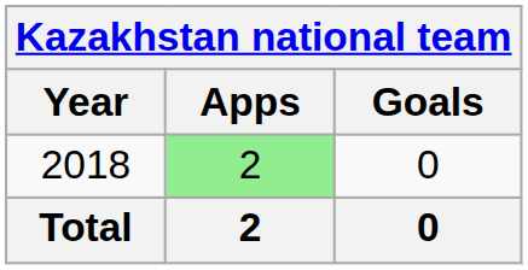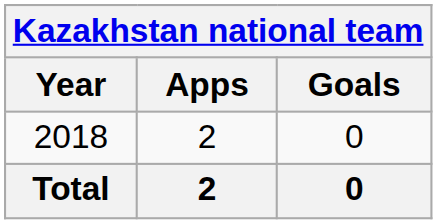 <table class="wikitable" style="text-align:center">
 <tr>
 <th colspan=3><a href='#'>Kazakhstan national team</a></th>
 </tr>
 <tr>
 <th>Year</th>
 <th>Apps</th>
 <th>Goals</th>
 </tr>
 <tr>
 <td>2018</td>
-<td style="background: lightgreen;">2</td>
+<td>2</td>
 <td>0</td>
 </tr>
 <tr>
 <th>Total</th>
 <th>2</th>
 <th>0</th>
 </tr>
 </table>
